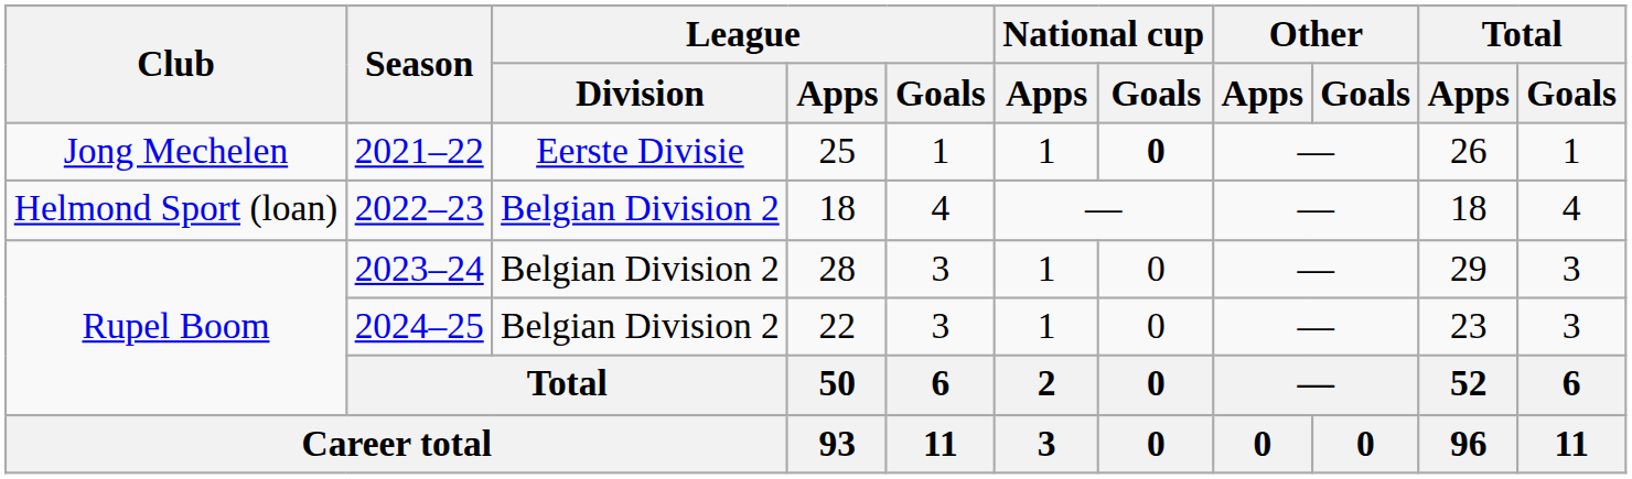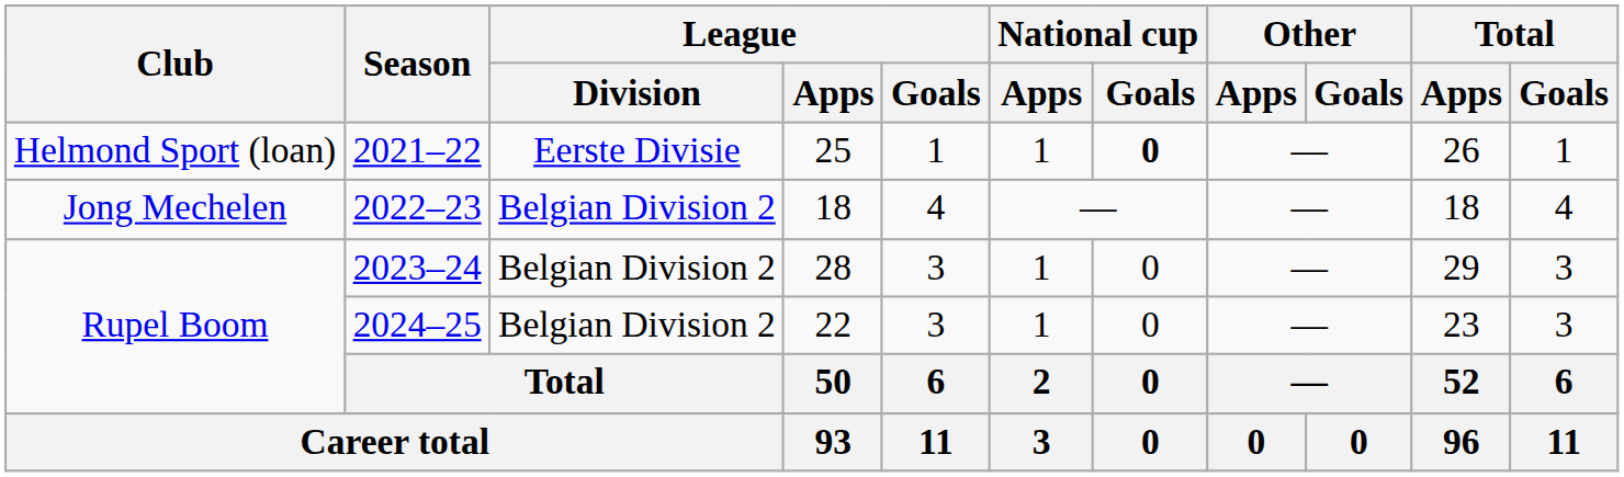 <table class="wikitable" style="text-align:center">
 <tr>
 <th rowspan="2">Club</th>
 <th rowspan="2">Season</th>
 <th colspan="3">League</th>
 <th colspan="2">National cup</th>
 <th colspan="2">Other</th>
 <th colspan="2">Total</th>
 </tr>
 <tr>
 <th>Division</th>
 <th>Apps</th>
 <th>Goals</th>
 <th>Apps</th>
 <th>Goals</th>
 <th>Apps</th>
 <th>Goals</th>
 <th>Apps</th>
 <th>Goals</th>
 </tr>
 <tr>
-<td><a href='#'>Jong Mechelen</a></td>
+<td><a href='#'>Helmond Sport</a> (loan)</td>
 <td><a href='#'>2021–22</a></td>
 <td><a href='#'>Eerste Divisie</a></td>
 <td>25</td>
 <td>1</td>
 <td>1</td>
 <td><strong>0</strong></td>
 <td colspan="2">—</td>
 <td>26</td>
 <td>1</td>
 </tr>
 <tr>
-<td><a href='#'>Helmond Sport</a> (loan)</td>
+<td><a href='#'>Jong Mechelen</a></td>
 <td><a href='#'>2022–23</a></td>
 <td><a href='#'>Belgian Division 2</a></td>
 <td>18</td>
 <td>4</td>
 <td colspan="2">—</td>
 <td colspan="2">—</td>
 <td>18</td>
 <td>4</td>
 </tr>
 <tr>
 <td rowspan="3"><a href='#'>Rupel Boom</a></td>
 <td><a href='#'>2023–24</a></td>
 <td>Belgian Division 2</td>
 <td>28</td>
 <td>3</td>
 <td>1</td>
 <td>0</td>
 <td colspan="2">—</td>
 <td>29</td>
 <td>3</td>
 </tr>
 <tr>
 <td><a href='#'>2024–25</a></td>
 <td>Belgian Division 2</td>
 <td>22</td>
 <td>3</td>
 <td>1</td>
 <td>0</td>
 <td colspan="2">—</td>
 <td>23</td>
 <td>3</td>
 </tr>
 <tr>
 <th colspan="2">Total</th>
 <th>50</th>
 <th>6</th>
 <th>2</th>
 <th>0</th>
 <th colspan="2">—</th>
 <th>52</th>
 <th>6</th>
 </tr>
 <tr>
 <th colspan="3">Career total</th>
 <th>93</th>
 <th>11</th>
 <th>3</th>
 <th>0</th>
 <th>0</th>
 <th>0</th>
 <th>96</th>
 <th>11</th>
 </tr>
 </table>
